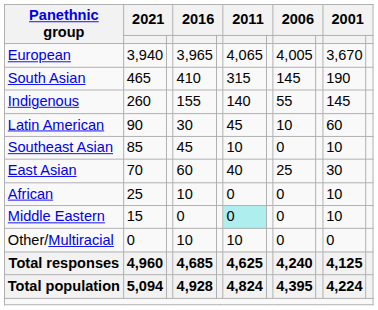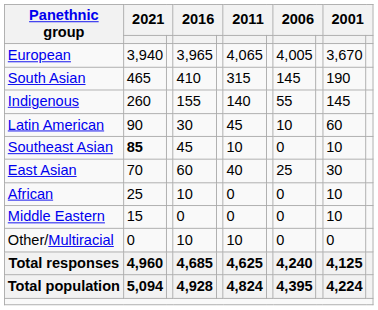 <table class="wikitable collapsible sortable">
 <tr>
 <th rowspan="2"><a href='#'>Panethnic</a><br>group</th>
 <th colspan="2">2021</th>
 <th colspan="2">2016</th>
 <th colspan="2">2011</th>
 <th colspan="2">2006</th>
 <th colspan="2">2001</th>
 </tr>
 <tr>
 <th><a href='#'></a></th>
 <th></th>
 <th></th>
 <th></th>
 <th></th>
 <th></th>
 <th></th>
 <th></th>
 <th></th>
 <th></th>
 </tr>
 <tr>
 <td><a href='#'>European</a></td>
 <td>3,940</td>
 <td></td>
 <td>3,965</td>
 <td></td>
 <td>4,065</td>
 <td></td>
 <td>4,005</td>
 <td></td>
 <td>3,670</td>
 <td></td>
 </tr>
 <tr>
 <td><a href='#'>South Asian</a></td>
 <td>465</td>
 <td></td>
 <td>410</td>
 <td></td>
 <td>315</td>
 <td></td>
 <td>145</td>
 <td></td>
 <td>190</td>
 <td></td>
 </tr>
 <tr>
 <td><a href='#'>Indigenous</a></td>
 <td>260</td>
 <td></td>
 <td>155</td>
 <td></td>
 <td>140</td>
 <td></td>
 <td>55</td>
 <td></td>
 <td>145</td>
 <td></td>
 </tr>
 <tr>
 <td><a href='#'>Latin American</a></td>
 <td>90</td>
 <td></td>
 <td>30</td>
 <td></td>
 <td>45</td>
 <td></td>
 <td>10</td>
 <td></td>
 <td>60</td>
 <td></td>
 </tr>
 <tr>
 <td><a href='#'>Southeast Asian</a></td>
-<td>85</td>
+<td><strong>85</strong></td>
 <td></td>
 <td>45</td>
 <td></td>
 <td>10</td>
 <td></td>
 <td>0</td>
 <td></td>
 <td>10</td>
 <td></td>
 </tr>
 <tr>
 <td><a href='#'>East Asian</a></td>
 <td>70</td>
 <td></td>
 <td>60</td>
 <td></td>
 <td>40</td>
 <td></td>
 <td>25</td>
 <td></td>
 <td>30</td>
 <td></td>
 </tr>
 <tr>
 <td><a href='#'>African</a></td>
 <td>25</td>
 <td></td>
 <td>10</td>
 <td></td>
 <td>0</td>
 <td></td>
 <td>0</td>
 <td></td>
 <td>10</td>
 <td></td>
 </tr>
 <tr>
 <td><a href='#'>Middle Eastern</a></td>
 <td>15</td>
 <td></td>
 <td>0</td>
 <td></td>
-<td style="background: paleturquoise;">0</td>
+<td>0</td>
 <td></td>
 <td>0</td>
 <td></td>
 <td>10</td>
 <td></td>
 </tr>
 <tr>
 <td>Other/<a href='#'>Multiracial</a></td>
 <td>0</td>
 <td></td>
 <td>10</td>
 <td></td>
 <td>10</td>
 <td></td>
 <td>0</td>
 <td></td>
 <td>0</td>
 <td></td>
 </tr>
 <tr>
 <th>Total responses</th>
 <th>4,960</th>
 <th></th>
 <th>4,685</th>
 <th></th>
 <th>4,625</th>
 <th></th>
 <th>4,240</th>
 <th></th>
 <th>4,125</th>
 <th></th>
 </tr>
 <tr>
 <th>Total population</th>
 <th>5,094</th>
 <th></th>
 <th>4,928</th>
 <th></th>
 <th>4,824</th>
 <th></th>
 <th>4,395</th>
 <th></th>
 <th>4,224</th>
 <th></th>
 </tr>
 <tr class="sortbottom">
 <td colspan="15"></td>
 </tr>
 </table>
